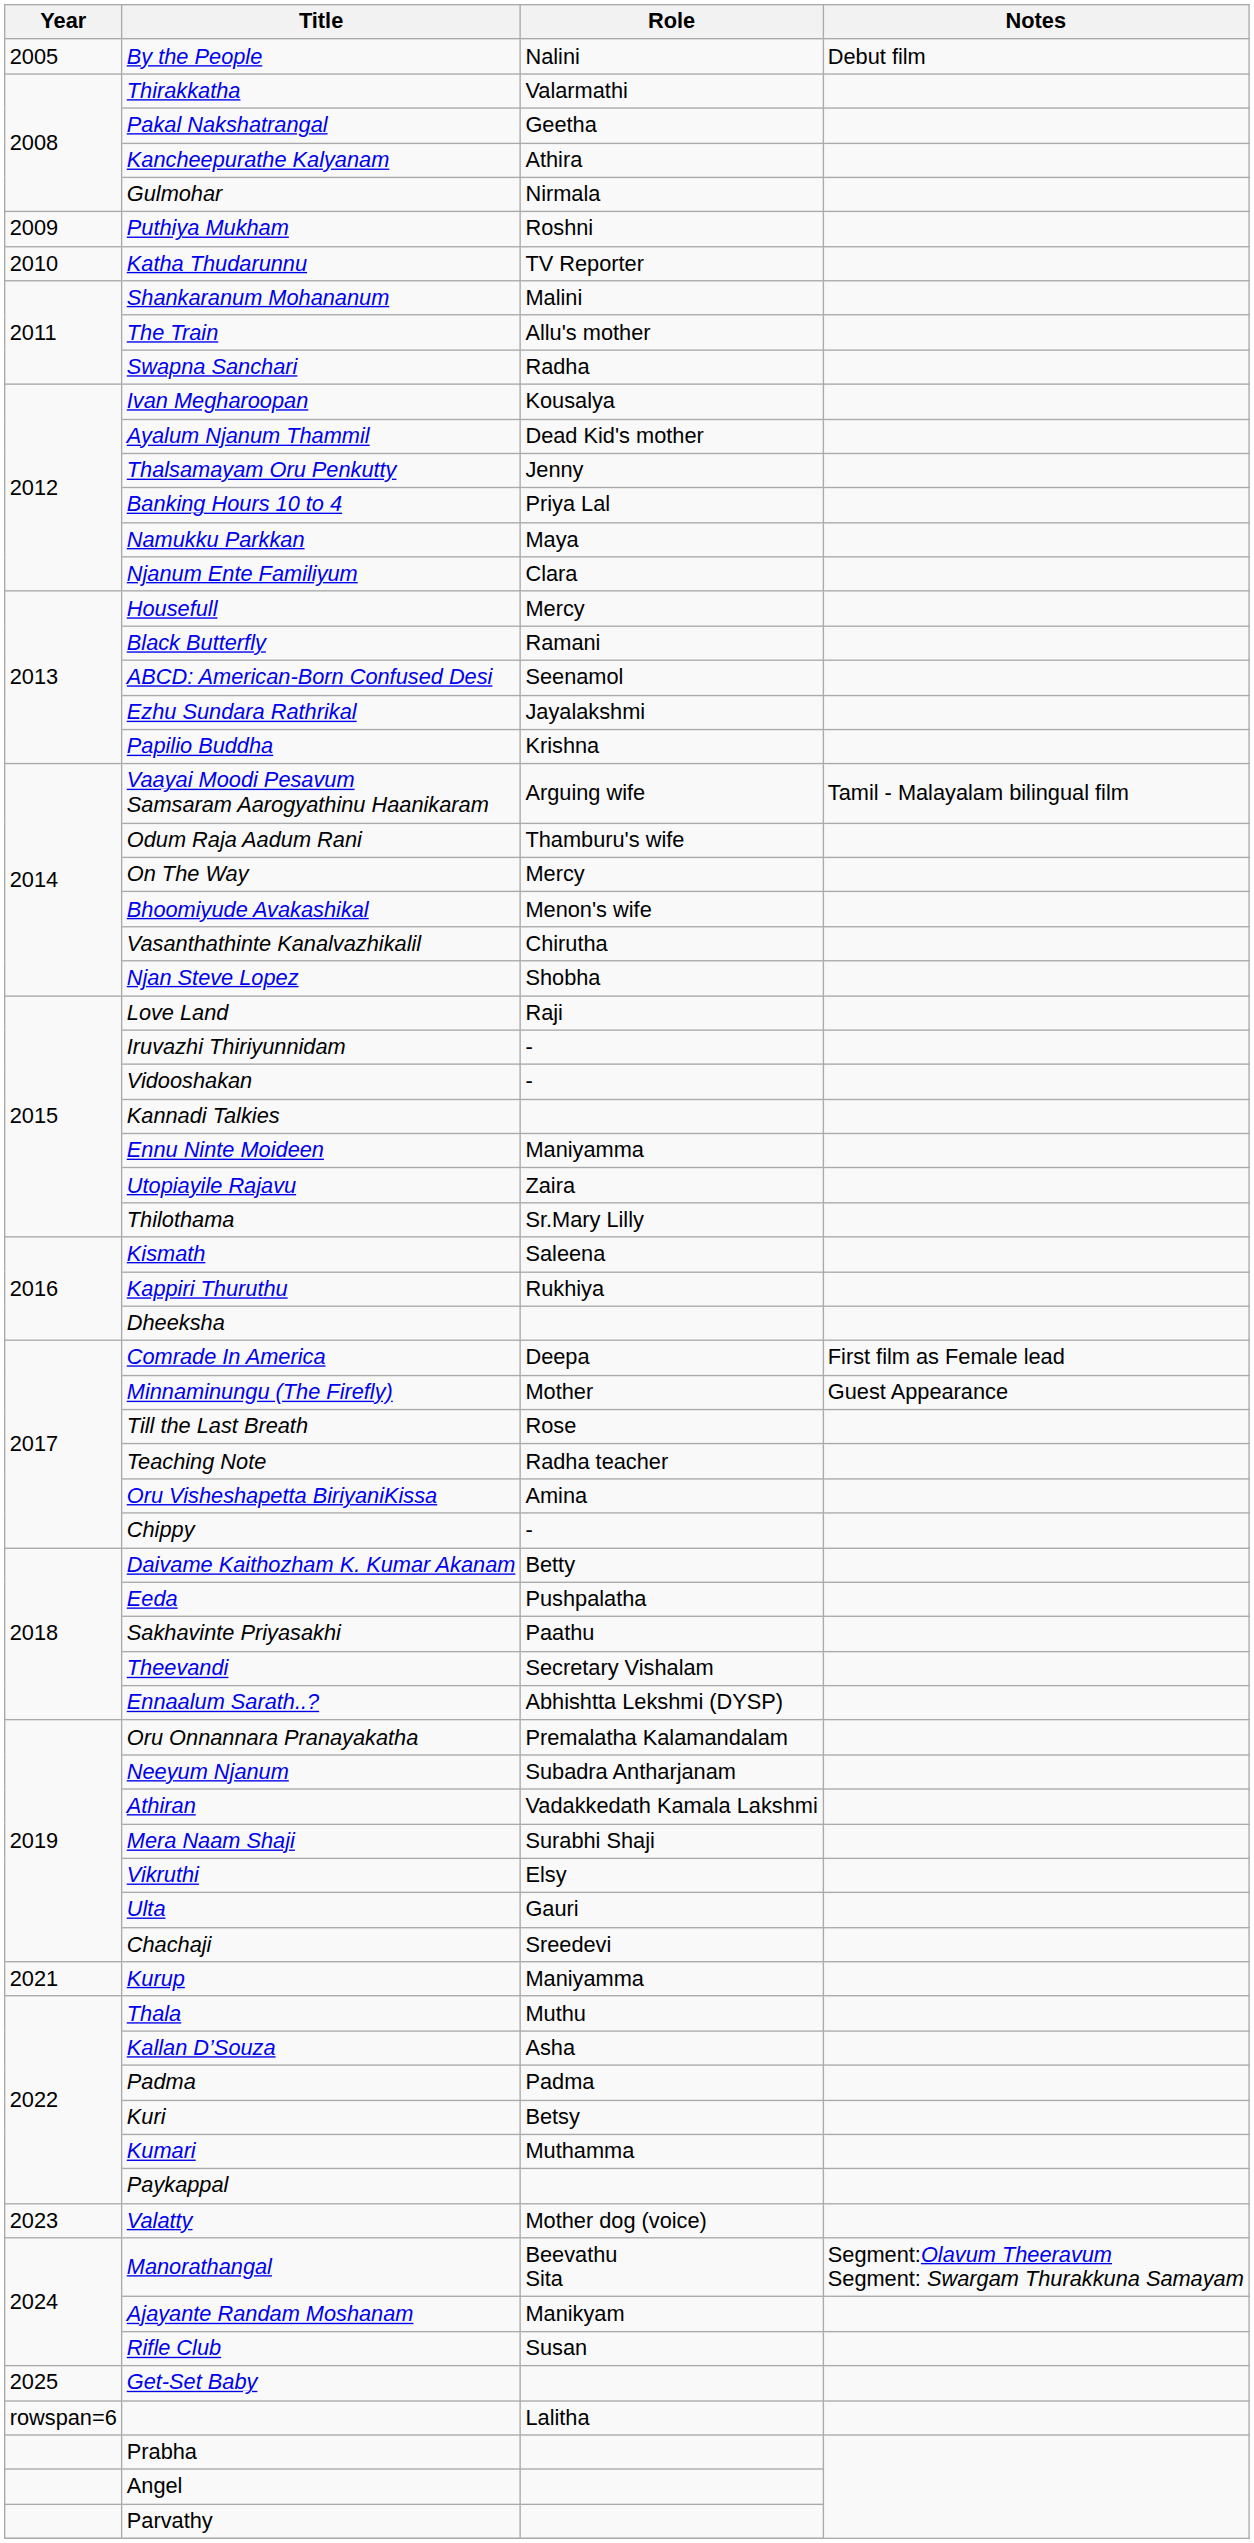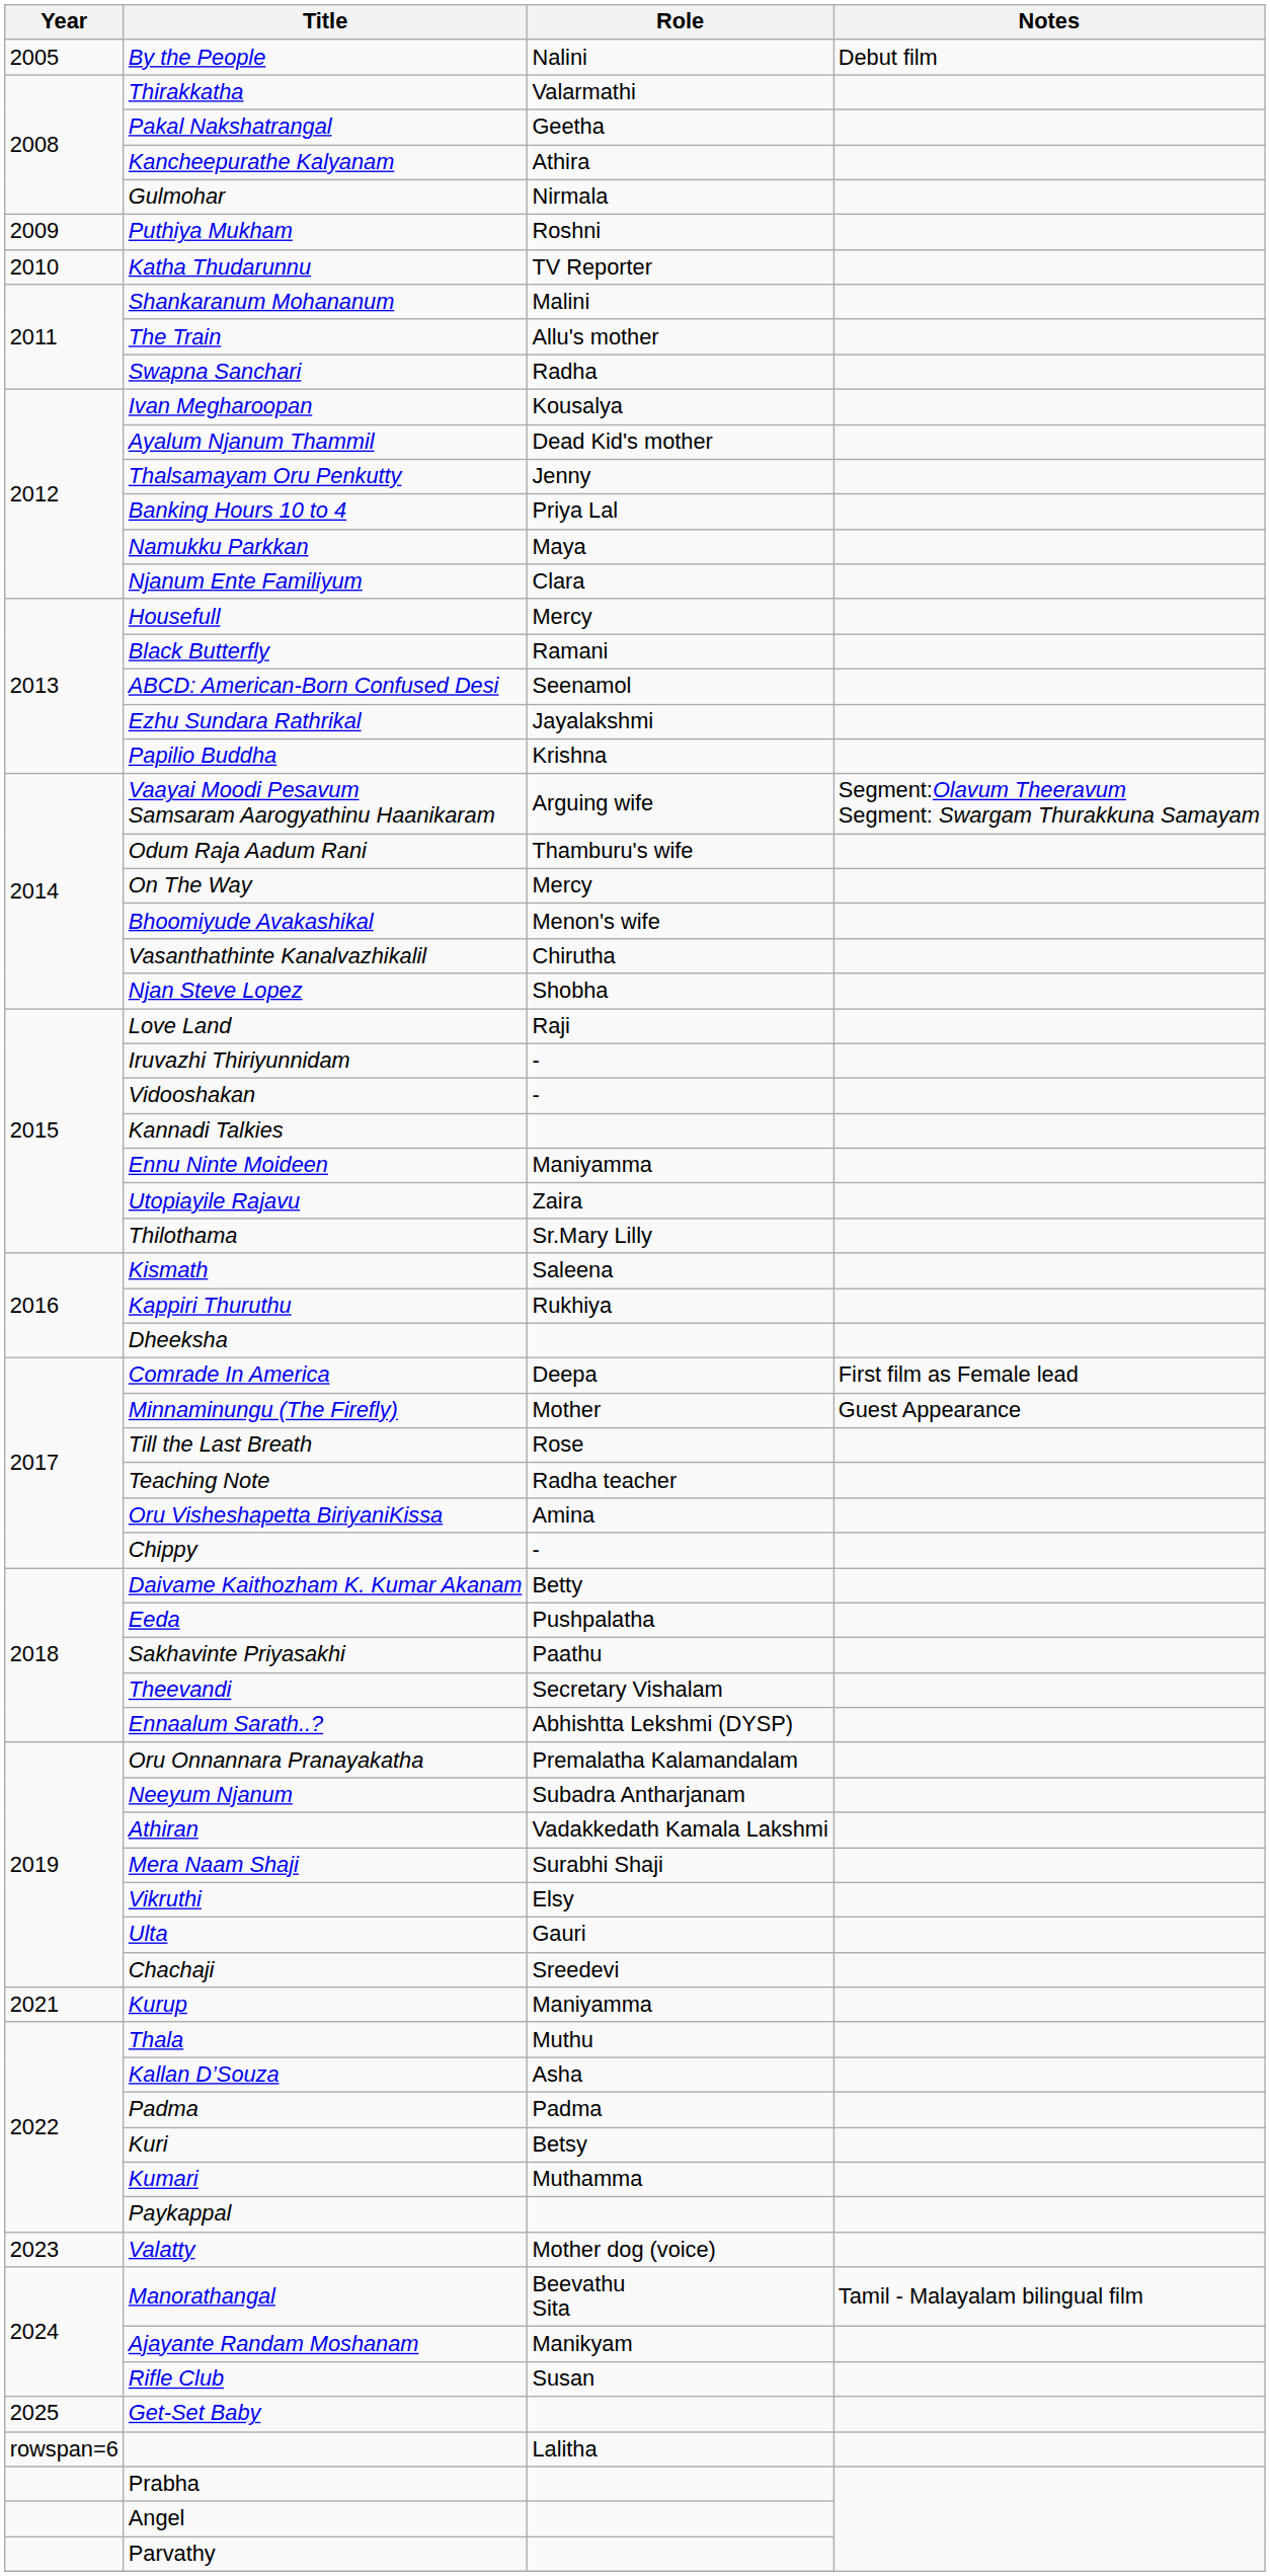 <table class="wikitable sortable">
 <tr>
 <th>Year</th>
 <th>Title</th>
 <th>Role</th>
 <th class="unsortable">Notes</th>
 </tr>
 <tr>
 <td>2005</td>
 <td><em><a href='#'>By the People</a></em></td>
 <td>Nalini</td>
 <td>Debut film</td>
 </tr>
 <tr>
 <td rowspan=4>2008</td>
 <td><em><a href='#'>Thirakkatha</a></em></td>
 <td>Valarmathi</td>
 <td></td>
 </tr>
 <tr>
 <td><em><a href='#'>Pakal Nakshatrangal</a></em></td>
 <td>Geetha</td>
 <td></td>
 </tr>
 <tr>
 <td><em><a href='#'>Kancheepurathe Kalyanam</a></em></td>
 <td>Athira</td>
 <td></td>
 </tr>
 <tr>
 <td><em>Gulmohar</em></td>
 <td>Nirmala</td>
 <td></td>
 </tr>
 <tr>
 <td>2009</td>
 <td><em><a href='#'>Puthiya Mukham</a></em></td>
 <td>Roshni</td>
 <td></td>
 </tr>
 <tr>
 <td>2010</td>
 <td><em><a href='#'>Katha Thudarunnu</a></em></td>
 <td>TV Reporter</td>
 <td></td>
 </tr>
 <tr>
 <td rowspan="3">2011</td>
 <td><em><a href='#'>Shankaranum Mohananum</a></em></td>
 <td>Malini</td>
 <td></td>
 </tr>
 <tr>
 <td><em><a href='#'>The Train</a></em></td>
 <td>Allu's mother</td>
 <td></td>
 </tr>
 <tr>
 <td><em><a href='#'>Swapna Sanchari</a></em></td>
 <td>Radha</td>
 <td></td>
 </tr>
 <tr>
 <td rowspan="6">2012</td>
 <td><em><a href='#'>Ivan Megharoopan</a></em></td>
 <td>Kousalya</td>
 <td></td>
 </tr>
 <tr>
 <td><em><a href='#'>Ayalum Njanum Thammil</a></em></td>
 <td>Dead Kid's mother</td>
 <td></td>
 </tr>
 <tr>
 <td><em><a href='#'>Thalsamayam Oru Penkutty</a></em></td>
 <td>Jenny</td>
 <td></td>
 </tr>
 <tr>
 <td><em><a href='#'>Banking Hours 10 to 4</a></em></td>
 <td>Priya Lal</td>
 <td></td>
 </tr>
 <tr>
 <td><em><a href='#'>Namukku Parkkan</a></em></td>
 <td>Maya</td>
 <td></td>
 </tr>
 <tr>
 <td><em><a href='#'>Njanum Ente Familiyum</a></em></td>
 <td>Clara</td>
 <td></td>
 </tr>
 <tr>
 <td rowspan="5">2013</td>
 <td><em><a href='#'>Housefull</a></em></td>
 <td>Mercy</td>
 <td></td>
 </tr>
 <tr>
 <td><em><a href='#'>Black Butterfly</a></em></td>
 <td>Ramani</td>
 <td></td>
 </tr>
 <tr>
 <td><em><a href='#'>ABCD: American-Born Confused Desi</a></em></td>
 <td>Seenamol</td>
 <td></td>
 </tr>
 <tr>
 <td><em><a href='#'>Ezhu Sundara Rathrikal</a></em></td>
 <td>Jayalakshmi</td>
 <td></td>
 </tr>
 <tr>
 <td><em><a href='#'>Papilio Buddha</a></em></td>
 <td>Krishna</td>
 <td></td>
 </tr>
 <tr>
 <td rowspan="6">2014</td>
 <td><em><a href='#'>Vaayai Moodi Pesavum</a><br>Samsaram Aarogyathinu Haanikaram</em></td>
 <td>Arguing wife</td>
-<td>Tamil - Malayalam bilingual film</td>
+<td>Segment:<em><a href='#'>Olavum Theeravum</a></em><br>Segment: <em>Swargam Thurakkuna Samayam</em></td>
 </tr>
 <tr>
 <td><em>Odum Raja Aadum Rani</em></td>
 <td>Thamburu's wife</td>
 <td></td>
 </tr>
 <tr>
 <td><em>On The Way</em></td>
 <td>Mercy</td>
 <td></td>
 </tr>
 <tr>
 <td><em><a href='#'>Bhoomiyude Avakashikal</a></em></td>
 <td>Menon's wife</td>
 <td></td>
 </tr>
 <tr>
 <td><em>Vasanthathinte Kanalvazhikalil</em></td>
 <td>Chirutha</td>
 <td></td>
 </tr>
 <tr>
 <td><em><a href='#'>Njan Steve Lopez</a></em></td>
 <td>Shobha</td>
 <td></td>
 </tr>
 <tr>
 <td rowspan="7">2015</td>
 <td><em>Love Land</em></td>
 <td>Raji</td>
 <td></td>
 </tr>
 <tr>
 <td><em>Iruvazhi Thiriyunnidam</em></td>
 <td>-</td>
 <td></td>
 </tr>
 <tr>
 <td><em>Vidooshakan</em></td>
 <td>-</td>
 <td></td>
 </tr>
 <tr>
 <td><em>Kannadi Talkies</em></td>
 <td></td>
 <td></td>
 </tr>
 <tr>
 <td><em><a href='#'>Ennu Ninte Moideen</a></em></td>
 <td>Maniyamma</td>
 <td></td>
 </tr>
 <tr>
 <td><em><a href='#'>Utopiayile Rajavu</a></em></td>
 <td>Zaira</td>
 <td></td>
 </tr>
 <tr>
 <td><em>Thilothama</em></td>
 <td>Sr.Mary Lilly</td>
 <td></td>
 </tr>
 <tr>
 <td rowspan="3">2016</td>
 <td><em><a href='#'>Kismath</a></em></td>
 <td>Saleena</td>
 <td></td>
 </tr>
 <tr>
 <td><em><a href='#'>Kappiri Thuruthu</a></em></td>
 <td>Rukhiya</td>
 <td></td>
 </tr>
 <tr>
 <td><em>Dheeksha</em></td>
 <td></td>
 <td></td>
 </tr>
 <tr>
 <td rowspan="6">2017</td>
 <td><a href='#'><em>Comrade In America</em></a></td>
 <td>Deepa</td>
 <td>First film as Female lead</td>
 </tr>
 <tr>
 <td><em><a href='#'>Minnaminungu (The Firefly)</a></em></td>
 <td>Mother</td>
 <td>Guest Appearance</td>
 </tr>
 <tr>
 <td><em>Till the Last Breath</em></td>
 <td>Rose</td>
 <td></td>
 </tr>
 <tr>
 <td><em>Teaching Note</em></td>
 <td>Radha teacher</td>
 <td></td>
 </tr>
 <tr>
 <td><em><a href='#'>Oru Visheshapetta BiriyaniKissa</a></em></td>
 <td>Amina</td>
 <td></td>
 </tr>
 <tr>
 <td><em>Chippy</em></td>
 <td>-</td>
 <td></td>
 </tr>
 <tr>
 <td rowspan="5">2018</td>
 <td><em><a href='#'>Daivame Kaithozham K. Kumar Akanam</a></em></td>
 <td>Betty</td>
 <td></td>
 </tr>
 <tr>
 <td><em><a href='#'>Eeda</a></em></td>
 <td>Pushpalatha</td>
 <td></td>
 </tr>
 <tr>
 <td><em>Sakhavinte Priyasakhi</em></td>
 <td>Paathu</td>
 <td></td>
 </tr>
 <tr>
 <td><em><a href='#'>Theevandi</a></em></td>
 <td>Secretary Vishalam</td>
 <td></td>
 </tr>
 <tr>
 <td><em><a href='#'>Ennaalum Sarath..?</a></em></td>
 <td>Abhishtta Lekshmi (DYSP)</td>
 <td></td>
 </tr>
 <tr>
 <td rowspan="7">2019</td>
 <td><em>Oru Onnannara Pranayakatha</em></td>
 <td>Premalatha Kalamandalam</td>
 <td></td>
 </tr>
 <tr>
 <td><em><a href='#'>Neeyum Njanum</a></em></td>
 <td>Subadra Antharjanam</td>
 <td></td>
 </tr>
 <tr>
 <td><em><a href='#'>Athiran</a></em></td>
 <td>Vadakkedath Kamala Lakshmi</td>
 <td></td>
 </tr>
 <tr>
 <td><em><a href='#'>Mera Naam Shaji</a></em></td>
 <td>Surabhi Shaji</td>
 <td></td>
 </tr>
 <tr>
 <td><em><a href='#'>Vikruthi</a></em></td>
 <td>Elsy</td>
 <td></td>
 </tr>
 <tr>
 <td><em><a href='#'>Ulta</a></em></td>
 <td>Gauri</td>
 <td></td>
 </tr>
 <tr>
 <td><em>Chachaji</em></td>
 <td>Sreedevi</td>
 <td></td>
 </tr>
 <tr>
 <td>2021</td>
 <td><em><a href='#'>Kurup</a></em></td>
 <td>Maniyamma</td>
 <td></td>
 </tr>
 <tr>
 <td rowspan=6>2022</td>
 <td><em><a href='#'>Thala</a></em></td>
 <td>Muthu</td>
 <td></td>
 </tr>
 <tr>
 <td><em><a href='#'>Kallan D’Souza</a></em></td>
 <td>Asha</td>
 <td></td>
 </tr>
 <tr>
 <td><em>Padma</em></td>
 <td>Padma</td>
 <td></td>
 </tr>
 <tr>
 <td><em>Kuri</em></td>
 <td>Betsy</td>
 <td></td>
 </tr>
 <tr>
 <td><em><a href='#'>Kumari</a></em></td>
 <td>Muthamma</td>
 <td></td>
 </tr>
 <tr>
 <td><em>Paykappal</em></td>
 <td></td>
 <td></td>
 </tr>
 <tr>
 <td>2023</td>
 <td><em><a href='#'>Valatty</a></em></td>
 <td>Mother dog (voice)</td>
 <td></td>
 </tr>
 <tr>
 <td rowspan=3>2024</td>
 <td><em><a href='#'>Manorathangal</a></em></td>
 <td>Beevathu <br> Sita</td>
-<td>Segment:<em><a href='#'>Olavum Theeravum</a></em><br>Segment: <em>Swargam Thurakkuna Samayam</em></td>
+<td>Tamil - Malayalam bilingual film</td>
 </tr>
 <tr>
 <td><em><a href='#'>Ajayante Randam Moshanam</a></em></td>
 <td>Manikyam</td>
 <td></td>
 </tr>
 <tr>
 <td><a href='#'><em>Rifle Club</em></a></td>
 <td>Susan</td>
 <td></td>
 </tr>
 <tr>
 <td>2025</td>
 <td><em><a href='#'>Get-Set Baby</a></em></td>
 <td></td>
 <td></td>
 </tr>
 <tr>
 <td>rowspan=6 </td>
 <td></td>
 <td>Lalitha</td>
 <td></td>
 </tr>
 <tr>
 <td></td>
 <td>Prabha</td>
 <td></td>
 </tr>
 <tr>
 <td></td>
 <td>Angel</td>
 <td></td>
 </tr>
 <tr>
 <td></td>
 <td>Parvathy</td>
 <td></td>
 </tr>
 <tr>
 </tr>
 </table>
